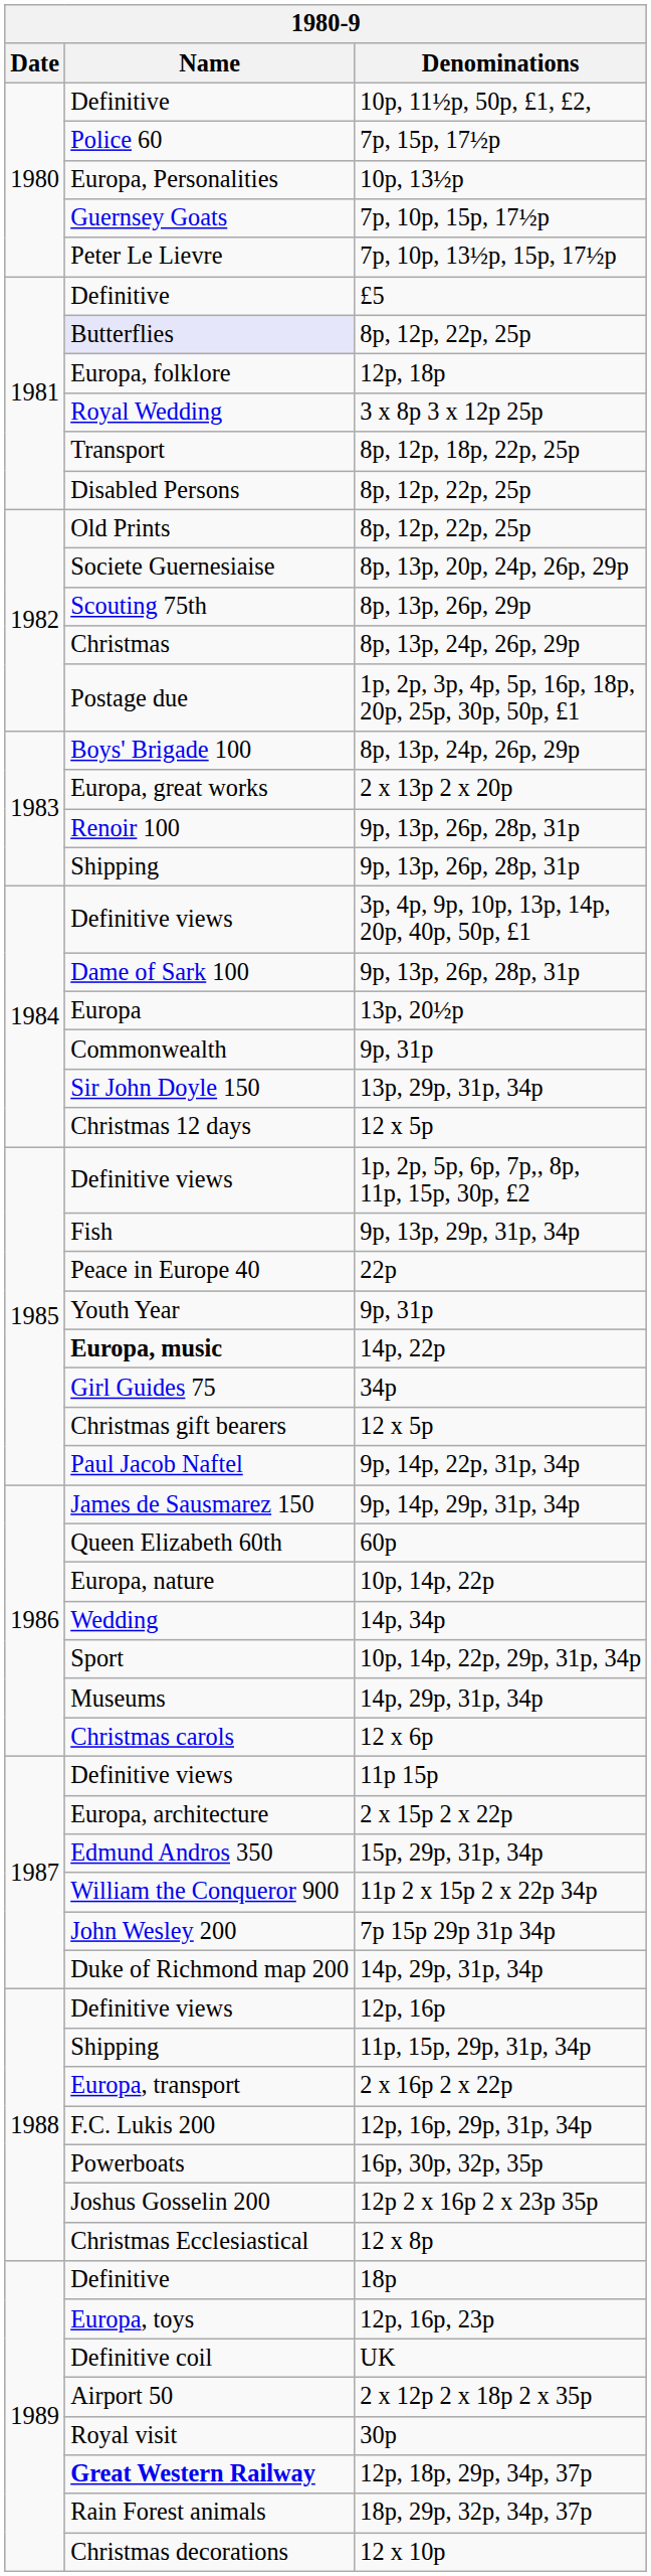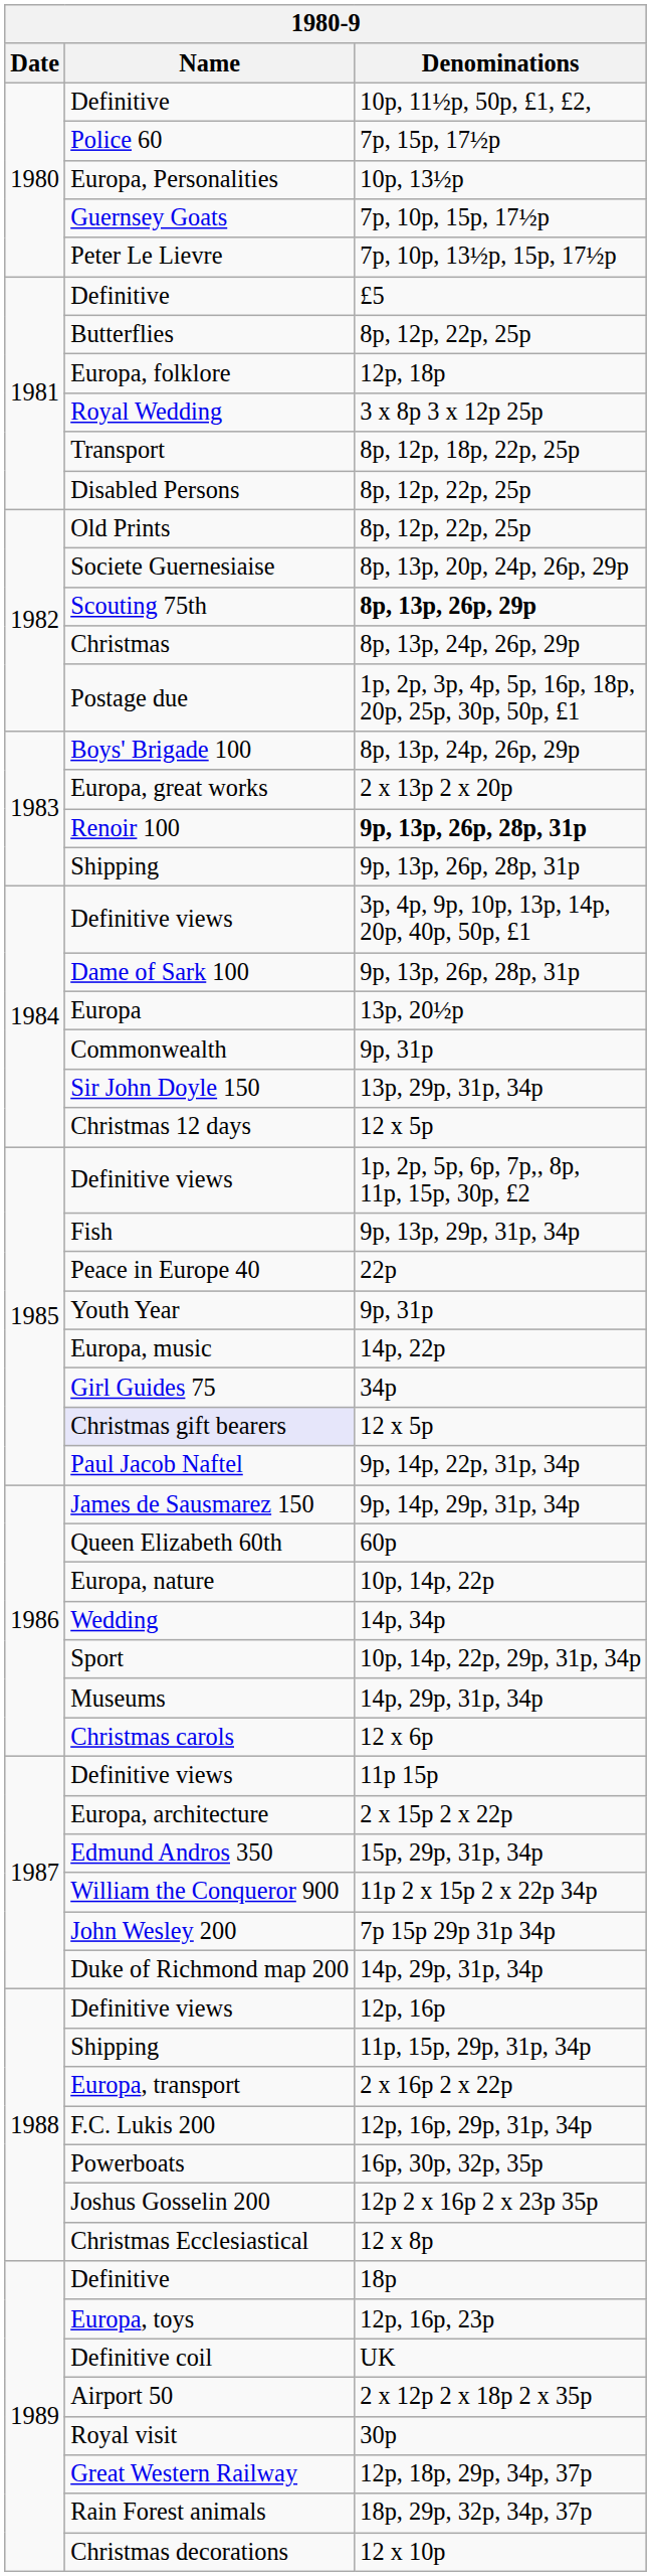 <table class="wikitable">
 <tr>
 <th colspan=3>1980-9</th>
 </tr>
 <tr>
 <th>Date</th>
 <th>Name</th>
 <th>Denominations</th>
 </tr>
 <tr>
 <td rowspan="5">1980</td>
 <td>Definitive</td>
 <td>10p, 11½p, 50p, £1, £2,</td>
 </tr>
 <tr>
 <td><a href='#'>Police</a> 60</td>
 <td>7p, 15p, 17½p</td>
 </tr>
 <tr>
 <td>Europa, Personalities</td>
 <td>10p, 13½p</td>
 </tr>
 <tr>
 <td><a href='#'>Guernsey Goats</a></td>
 <td>7p, 10p, 15p, 17½p</td>
 </tr>
 <tr>
 <td>Peter Le Lievre</td>
 <td>7p, 10p, 13½p, 15p, 17½p</td>
 </tr>
 <tr>
 <td rowspan="6">1981</td>
 <td>Definitive</td>
 <td>£5</td>
 </tr>
 <tr>
-<td style="background: lavender;">Butterflies</td>
+<td>Butterflies</td>
 <td>8p, 12p, 22p, 25p</td>
 </tr>
 <tr>
 <td>Europa, folklore</td>
 <td>12p, 18p</td>
 </tr>
 <tr>
 <td><a href='#'>Royal Wedding</a></td>
 <td>3 x 8p 3 x 12p 25p</td>
 </tr>
 <tr>
 <td>Transport</td>
 <td>8p, 12p, 18p, 22p, 25p</td>
 </tr>
 <tr>
 <td>Disabled Persons</td>
 <td>8p, 12p, 22p, 25p</td>
 </tr>
 <tr>
 <td rowspan="5">1982</td>
 <td>Old Prints</td>
 <td>8p, 12p, 22p, 25p</td>
 </tr>
 <tr>
 <td>Societe Guernesiaise</td>
 <td>8p, 13p, 20p, 24p, 26p, 29p</td>
 </tr>
 <tr>
 <td><a href='#'>Scouting</a> 75th</td>
-<td>8p, 13p, 26p, 29p</td>
+<td><strong>8p, 13p, 26p, 29p</strong></td>
 </tr>
 <tr>
 <td>Christmas</td>
 <td>8p, 13p, 24p, 26p, 29p</td>
 </tr>
 <tr>
 <td>Postage due</td>
 <td>1p, 2p, 3p, 4p, 5p, 16p, 18p, <br>20p, 25p, 30p, 50p, £1</td>
 </tr>
 <tr>
 <td rowspan="4">1983</td>
 <td><a href='#'>Boys' Brigade</a> 100</td>
 <td>8p, 13p, 24p, 26p, 29p</td>
 </tr>
 <tr>
 <td>Europa, great works</td>
 <td>2 x 13p 2 x 20p</td>
 </tr>
 <tr>
 <td><a href='#'>Renoir</a> 100</td>
-<td>9p, 13p, 26p, 28p, 31p</td>
+<td><strong>9p, 13p, 26p, 28p, 31p</strong></td>
 </tr>
 <tr>
 <td>Shipping</td>
 <td>9p, 13p, 26p, 28p, 31p</td>
 </tr>
 <tr>
 <td rowspan="6">1984</td>
 <td>Definitive views</td>
 <td>3p, 4p, 9p, 10p, 13p, 14p, <br>20p, 40p, 50p, £1</td>
 </tr>
 <tr>
 <td><a href='#'>Dame of Sark</a> 100</td>
 <td>9p, 13p, 26p, 28p, 31p</td>
 </tr>
 <tr>
 <td>Europa</td>
 <td>13p, 20½p</td>
 </tr>
 <tr>
 <td>Commonwealth</td>
 <td>9p, 31p</td>
 </tr>
 <tr>
 <td><a href='#'>Sir John Doyle</a> 150</td>
 <td>13p, 29p, 31p, 34p</td>
 </tr>
 <tr>
 <td>Christmas 12 days</td>
 <td>12 x 5p</td>
 </tr>
 <tr>
 <td rowspan="8">1985</td>
 <td>Definitive views</td>
 <td>1p, 2p, 5p, 6p, 7p,, 8p, <br>11p, 15p, 30p, £2</td>
 </tr>
 <tr>
 <td>Fish</td>
 <td>9p, 13p, 29p, 31p, 34p</td>
 </tr>
 <tr>
 <td>Peace in Europe 40</td>
 <td>22p</td>
 </tr>
 <tr>
 <td>Youth Year</td>
 <td>9p, 31p</td>
 </tr>
 <tr>
-<td><strong>Europa, music</strong></td>
+<td>Europa, music</td>
 <td>14p, 22p</td>
 </tr>
 <tr>
 <td><a href='#'>Girl Guides</a> 75</td>
 <td>34p</td>
 </tr>
 <tr>
-<td>Christmas gift bearers</td>
+<td style="background: lavender;">Christmas gift bearers</td>
 <td>12 x 5p</td>
 </tr>
 <tr>
 <td><a href='#'>Paul Jacob Naftel</a></td>
 <td>9p, 14p, 22p, 31p, 34p</td>
 </tr>
 <tr>
 <td rowspan="7">1986</td>
 <td><a href='#'>James de Sausmarez</a> 150</td>
 <td>9p, 14p, 29p, 31p, 34p</td>
 </tr>
 <tr>
 <td>Queen Elizabeth 60th</td>
 <td>60p</td>
 </tr>
 <tr>
 <td>Europa, nature</td>
 <td>10p, 14p, 22p</td>
 </tr>
 <tr>
 <td><a href='#'>Wedding</a></td>
 <td>14p, 34p</td>
 </tr>
 <tr>
 <td>Sport</td>
 <td>10p, 14p, 22p, 29p, 31p, 34p</td>
 </tr>
 <tr>
 <td>Museums</td>
 <td>14p, 29p, 31p, 34p</td>
 </tr>
 <tr>
 <td><a href='#'>Christmas carols</a></td>
 <td>12 x 6p</td>
 </tr>
 <tr>
 <td rowspan="6">1987</td>
 <td>Definitive views</td>
 <td>11p 15p</td>
 </tr>
 <tr>
 <td>Europa, architecture</td>
 <td>2 x 15p 2 x 22p</td>
 </tr>
 <tr>
 <td><a href='#'>Edmund Andros</a> 350</td>
 <td>15p, 29p, 31p, 34p</td>
 </tr>
 <tr>
 <td><a href='#'>William the Conqueror</a> 900</td>
 <td>11p 2 x 15p 2 x 22p 34p</td>
 </tr>
 <tr>
 <td><a href='#'>John Wesley</a> 200</td>
 <td>7p 15p 29p 31p 34p</td>
 </tr>
 <tr>
 <td>Duke of Richmond map 200</td>
 <td>14p, 29p, 31p, 34p</td>
 </tr>
 <tr>
 <td rowspan="7">1988</td>
 <td>Definitive views</td>
 <td>12p, 16p</td>
 </tr>
 <tr>
 <td>Shipping</td>
 <td>11p, 15p, 29p, 31p, 34p</td>
 </tr>
 <tr>
 <td><a href='#'>Europa</a>, transport</td>
 <td>2 x 16p 2 x 22p</td>
 </tr>
 <tr>
 <td>F.C. Lukis 200</td>
 <td>12p, 16p, 29p, 31p, 34p</td>
 </tr>
 <tr>
 <td>Powerboats</td>
 <td>16p, 30p, 32p, 35p</td>
 </tr>
 <tr>
 <td>Joshus Gosselin 200</td>
 <td>12p 2 x 16p 2 x 23p 35p</td>
 </tr>
 <tr>
 <td>Christmas Ecclesiastical</td>
 <td>12 x 8p</td>
 </tr>
 <tr>
 <td rowspan="8">1989</td>
 <td>Definitive</td>
 <td>18p</td>
 </tr>
 <tr>
 <td><a href='#'>Europa</a>, toys</td>
 <td>12p, 16p, 23p</td>
 </tr>
 <tr>
 <td>Definitive coil</td>
 <td>UK</td>
 </tr>
 <tr>
 <td>Airport 50</td>
 <td>2 x 12p 2 x 18p 2 x 35p</td>
 </tr>
 <tr>
 <td>Royal visit</td>
 <td>30p</td>
 </tr>
 <tr>
-<td><strong><a href='#'>Great Western Railway</a></strong></td>
+<td><a href='#'>Great Western Railway</a></td>
 <td>12p, 18p, 29p, 34p, 37p</td>
 </tr>
 <tr>
 <td>Rain Forest animals</td>
 <td>18p, 29p, 32p, 34p, 37p</td>
 </tr>
 <tr>
 <td>Christmas decorations</td>
 <td>12 x 10p</td>
 </tr>
 </table>
